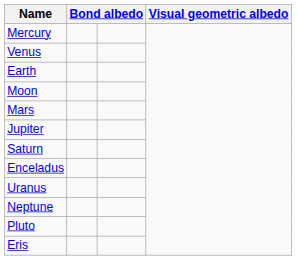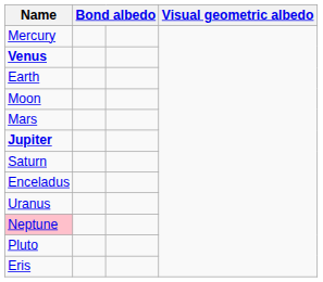 <table class="wikitable sortable">
 <tr>
 <th>Name</th>
 <th colspan="2"><a href='#'>Bond albedo</a></th>
 <th colspan="2"><a href='#'>Visual geometric albedo</a></th>
 </tr>
 <tr>
 <td><a href='#'>Mercury</a></td>
 <td></td>
 <td></td>
 </tr>
 <tr>
-<td><a href='#'>Venus</a></td>
+<td><strong><a href='#'>Venus</a></strong></td>
 <td></td>
 <td></td>
 </tr>
 <tr>
 <td><a href='#'>Earth</a></td>
 <td></td>
 <td></td>
 </tr>
 <tr>
 <td><a href='#'>Moon</a></td>
 <td></td>
 <td></td>
 </tr>
 <tr>
 <td><a href='#'>Mars</a></td>
 <td></td>
 <td></td>
 </tr>
 <tr>
-<td><a href='#'>Jupiter</a></td>
+<td><strong><a href='#'>Jupiter</a></strong></td>
 <td></td>
 <td></td>
 </tr>
 <tr>
 <td><a href='#'>Saturn</a></td>
 <td></td>
 <td></td>
 </tr>
 <tr>
 <td><a href='#'>Enceladus</a></td>
 <td></td>
 <td></td>
 </tr>
 <tr>
 <td><a href='#'>Uranus</a></td>
 <td></td>
 <td></td>
 </tr>
 <tr>
-<td><a href='#'>Neptune</a></td>
+<td style="background: pink;"><a href='#'>Neptune</a></td>
 <td></td>
 <td></td>
 </tr>
 <tr>
 <td><a href='#'>Pluto</a></td>
 <td></td>
 <td><div> </div></td>
 </tr>
 <tr>
 <td><a href='#'>Eris</a></td>
 <td></td>
 <td></td>
 </tr>
 </table>
